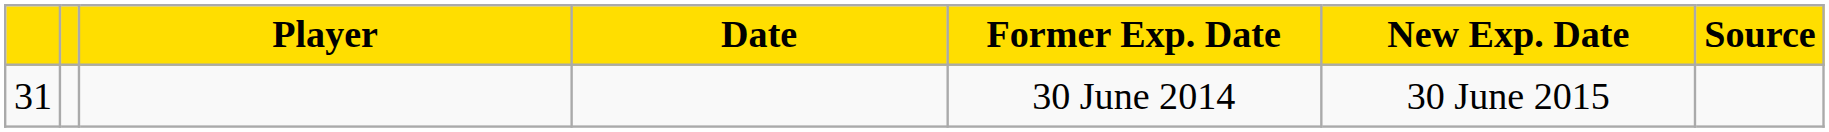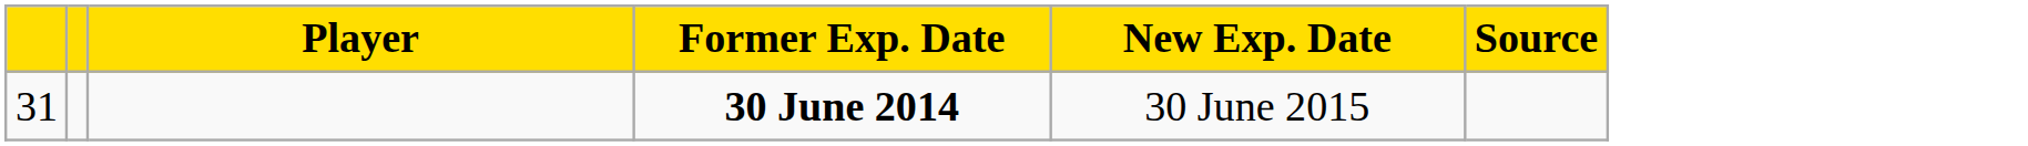 <table class="wikitable sortable">
 <tr>
 <th style="background:#FFDE00"></th>
 <th style="background:#FFDE00"></th>
 <th width=200 style="background:#FFDE00">Player</th>
-<th width=150 style="background:#FFDE00">Date</th>
 <th width=150 style="background:#FFDE00">Former Exp. Date</th>
 <th width=150 style="background:#FFDE00">New Exp. Date</th>
 <th style="background:#FFDE00">Source</th>
 </tr>
 <tr>
 <td align=center>31</td>
 <td align=center></td>
 <td></td>
-<td align=center></td>
-<td align=center>30 June 2014</td>
+<td align=center><strong>30 June 2014</strong></td>
 <td align=center>30 June 2015</td>
 <td align=center></td>
 </tr>
 </table>
